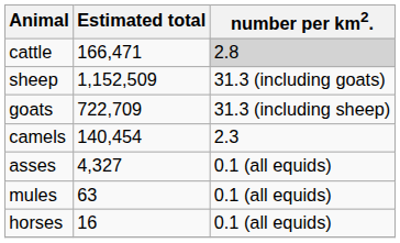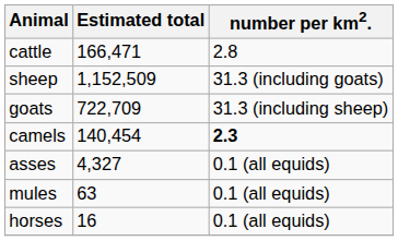 <table align="center" class="wikitable">
 <tr>
 <th>Animal</th>
 <th>Estimated total</th>
 <th>number per km<sup>2</sup>.</th>
 </tr>
 <tr>
 <td>cattle</td>
 <td>166,471</td>
-<td style="background: lightgrey;">2.8</td>
+<td>2.8</td>
 </tr>
 <tr>
 <td>sheep</td>
 <td>1,152,509</td>
 <td>31.3 (including goats)</td>
 </tr>
 <tr>
 <td>goats</td>
 <td>722,709</td>
 <td>31.3 (including sheep)</td>
 </tr>
 <tr>
 <td>camels</td>
 <td>140,454</td>
-<td>2.3</td>
+<td><strong>2.3</strong></td>
 </tr>
 <tr>
 <td>asses</td>
 <td>4,327</td>
 <td>0.1 (all equids)</td>
 </tr>
 <tr>
 <td>mules</td>
 <td>63</td>
 <td>0.1 (all equids)</td>
 </tr>
 <tr>
 <td>horses</td>
 <td>16</td>
 <td>0.1 (all equids)</td>
 </tr>
 <tr>
 </tr>
 </table>
